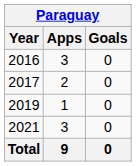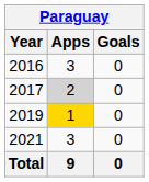 <table class="wikitable" style="text-align:center">
 <tr>
 <th colspan=3><a href='#'>Paraguay</a></th>
 </tr>
 <tr>
 <th>Year</th>
 <th>Apps</th>
 <th>Goals</th>
 </tr>
 <tr>
 <td>2016</td>
 <td>3</td>
 <td>0</td>
 </tr>
 <tr>
 <td>2017</td>
-<td>2</td>
+<td style="background: lightgrey;">2</td>
 <td>0</td>
 </tr>
 <tr>
 <td>2019</td>
-<td>1</td>
+<td style="background: gold;">1</td>
 <td>0</td>
 </tr>
 <tr>
 <td>2021</td>
 <td>3</td>
 <td>0</td>
 </tr>
 <tr>
 <th>Total</th>
 <th>9</th>
 <th>0</th>
 </tr>
 </table>
